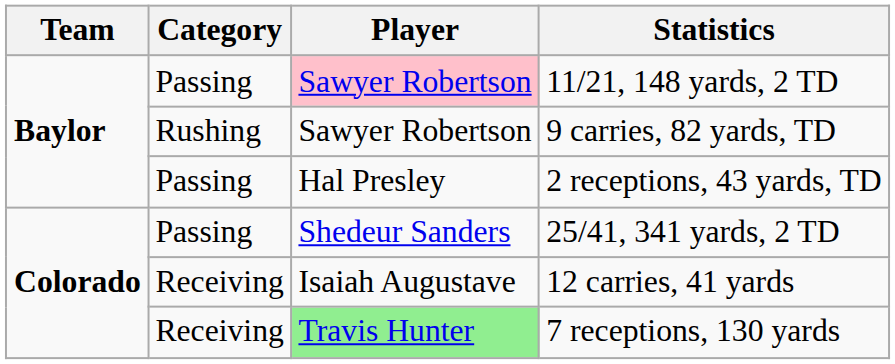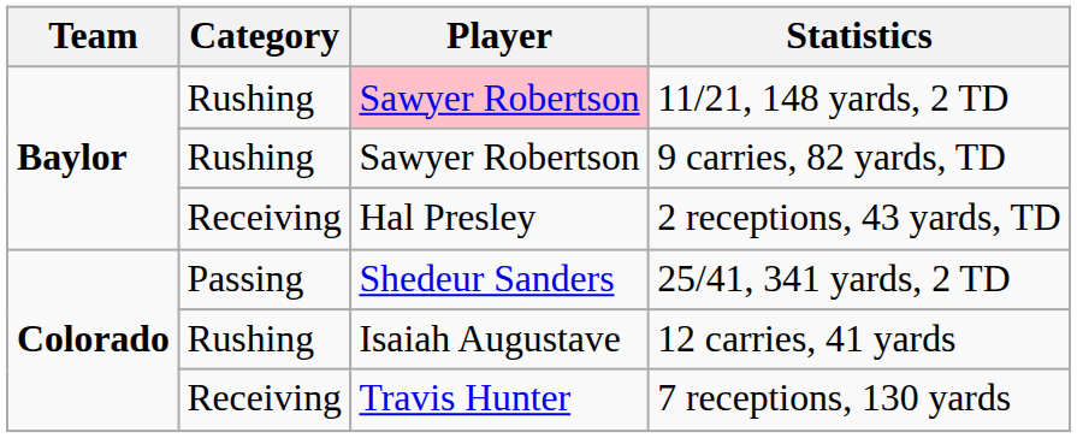 <table class="wikitable" style="float: right;">
 <tr>
 <th>Team</th>
 <th>Category</th>
 <th>Player</th>
 <th>Statistics</th>
 </tr>
 <tr>
 <td rowspan=3><strong>Baylor</strong></td>
-<td>Passing</td>
+<td>Rushing</td>
 <td style="background: pink;"><a href='#'>Sawyer Robertson</a></td>
 <td>11/21, 148 yards, 2 TD</td>
 </tr>
 <tr>
 <td>Rushing</td>
 <td>Sawyer Robertson</td>
 <td>9 carries, 82 yards, TD</td>
 </tr>
 <tr>
-<td>Passing</td>
+<td>Receiving</td>
 <td>Hal Presley</td>
 <td>2 receptions, 43 yards, TD</td>
 </tr>
 <tr>
 <td rowspan=3><strong>Colorado</strong></td>
 <td>Passing</td>
 <td><a href='#'>Shedeur Sanders</a></td>
 <td>25/41, 341 yards, 2 TD</td>
 </tr>
 <tr>
-<td>Receiving</td>
+<td>Rushing</td>
 <td>Isaiah Augustave</td>
 <td>12 carries, 41 yards</td>
 </tr>
 <tr>
 <td>Receiving</td>
-<td style="background: lightgreen;"><a href='#'>Travis Hunter</a></td>
+<td><a href='#'>Travis Hunter</a></td>
 <td>7 receptions, 130 yards</td>
 </tr>
 </table>
